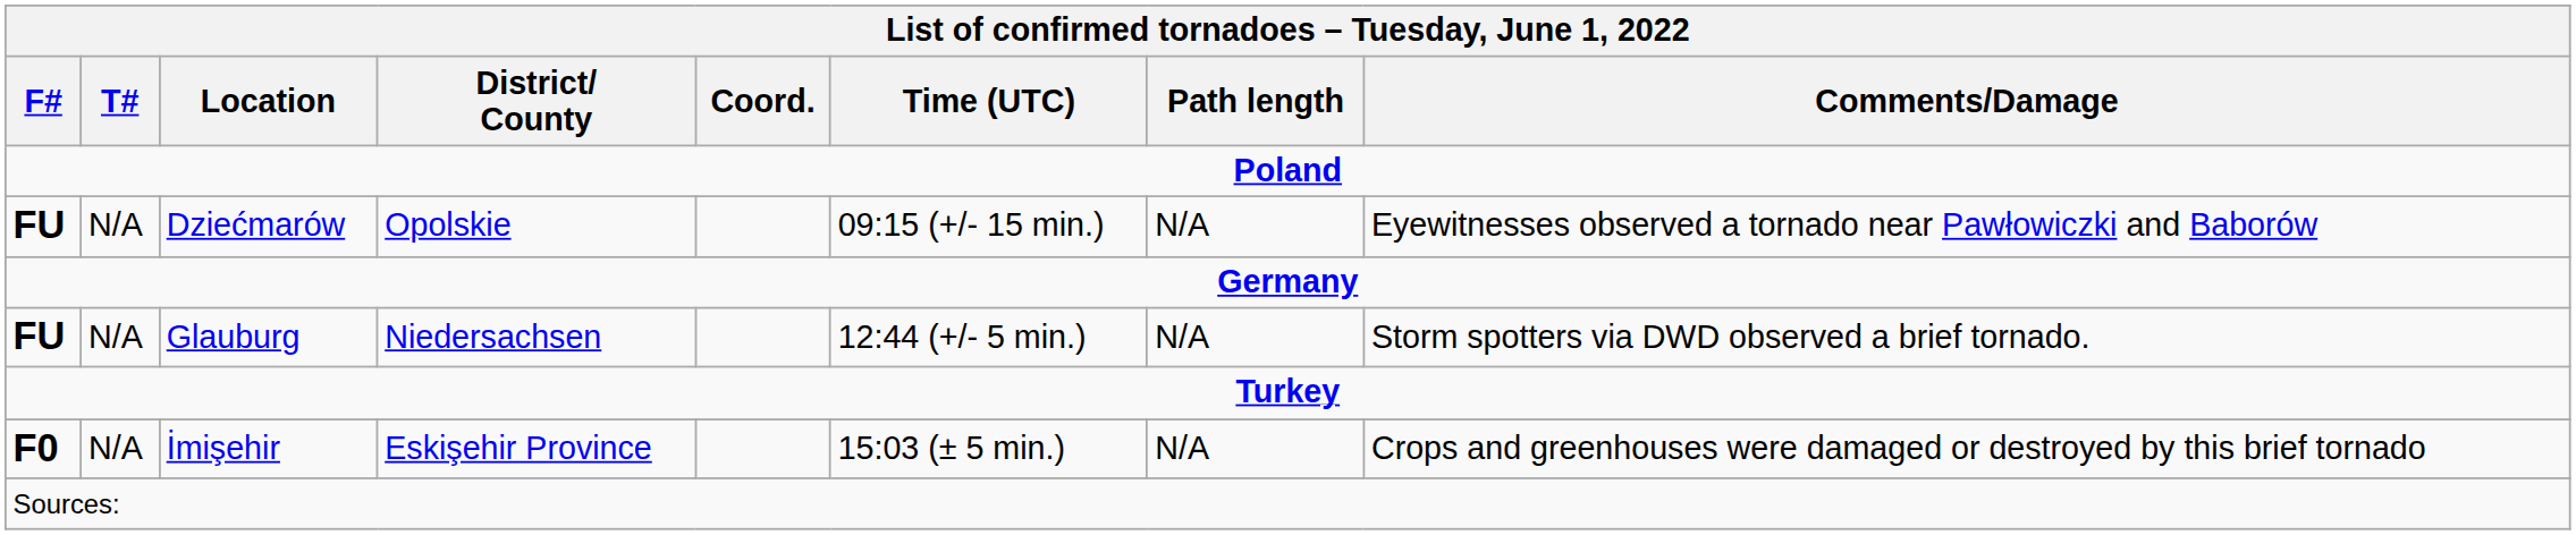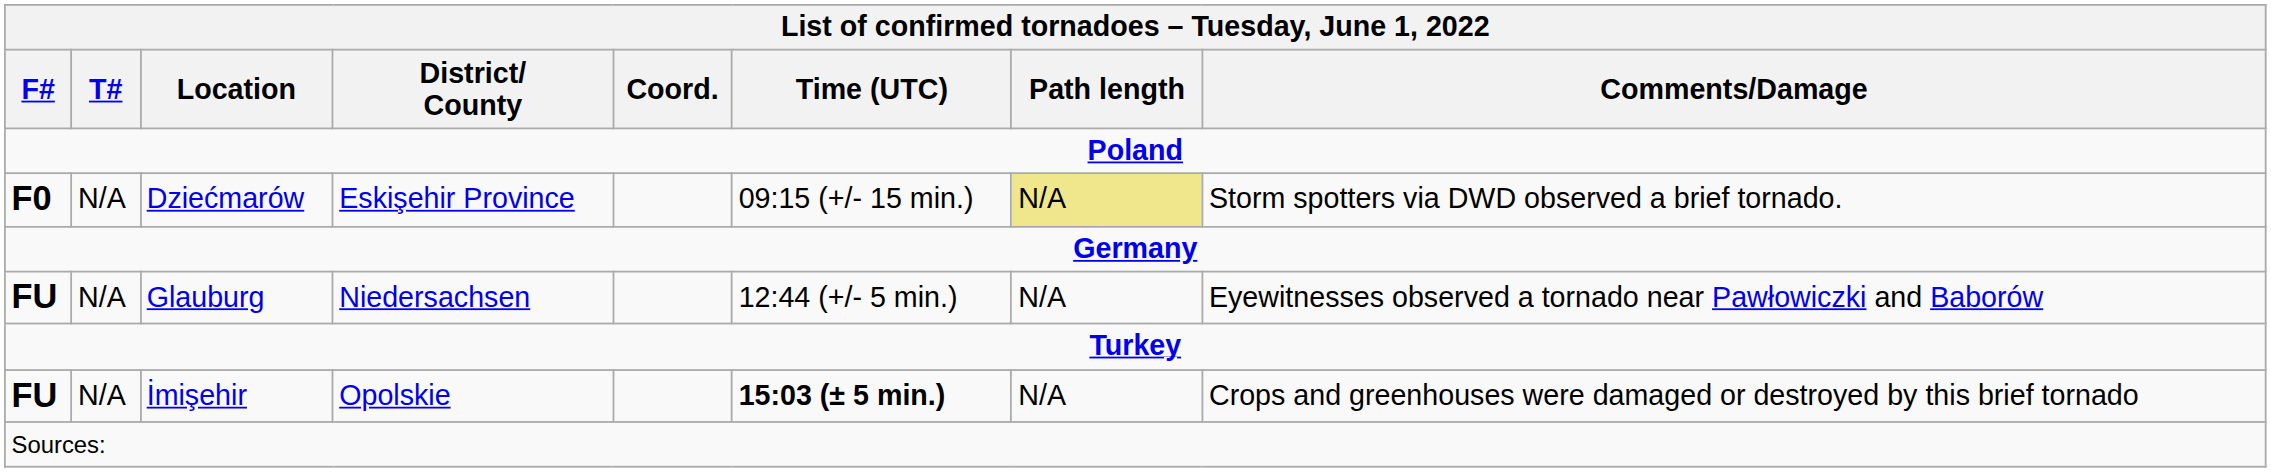 <table class="wikitable collapsible" width="100%">
 <tr>
 <th colspan="8">List of confirmed tornadoes – Tuesday, June 1, 2022</th>
 </tr>
 <tr>
 <th><a href='#'>F#</a></th>
 <th><a href='#'>T#</a></th>
 <th>Location</th>
 <th>District/<br>County</th>
 <th>Coord.</th>
 <th>Time (UTC)</th>
 <th>Path length</th>
 <th>Comments/Damage</th>
 </tr>
 <tr>
 <td colspan="8" align=center><strong><a href='#'>Poland</a></strong></td>
 </tr>
 <tr>
-<td><big><strong>FU</strong></big></td>
+<td><big><strong>F0</strong></big></td>
 <td>N/A</td>
 <td><a href='#'>Dziećmarów</a></td>
-<td><a href='#'>Opolskie</a></td>
+<td><a href='#'>Eskişehir Province</a></td>
 <td></td>
 <td>09:15  (+/- 15 min.)</td>
-<td>N/A</td>
-<td>Eyewitnesses observed a tornado near <a href='#'>Pawłowiczki</a> and <a href='#'>Baborów</a></td>
+<td style="background: khaki;">N/A</td>
+<td>Storm spotters via DWD observed a brief tornado.</td>
 </tr>
 <tr>
 <td colspan="8" align=center><strong><a href='#'>Germany</a></strong></td>
 </tr>
 <tr>
 <td><big><strong>FU</strong></big></td>
 <td>N/A</td>
 <td><a href='#'>Glauburg</a></td>
 <td><a href='#'>Niedersachsen</a></td>
 <td></td>
 <td>12:44 (+/- 5 min.)</td>
 <td>N/A</td>
-<td>Storm spotters via DWD observed a brief tornado.</td>
+<td>Eyewitnesses observed a tornado near <a href='#'>Pawłowiczki</a> and <a href='#'>Baborów</a></td>
 </tr>
 <tr>
 <td colspan="8" align=center><strong><a href='#'>Turkey</a></strong></td>
 </tr>
 <tr>
-<td><big><strong>F0</strong></big></td>
+<td><big><strong>FU</strong></big></td>
 <td>N/A</td>
 <td><a href='#'>İmişehir</a></td>
-<td><a href='#'>Eskişehir Province</a></td>
+<td><a href='#'>Opolskie</a></td>
 <td></td>
-<td>15:03 (± 5 min.)</td>
+<td><strong>15:03 (± 5 min.)</strong></td>
 <td>N/A</td>
 <td>Crops and greenhouses were damaged or destroyed by this  brief tornado</td>
 </tr>
 <tr>
 <td colspan="8"><small>Sources:  </small></td>
 </tr>
 </table>
